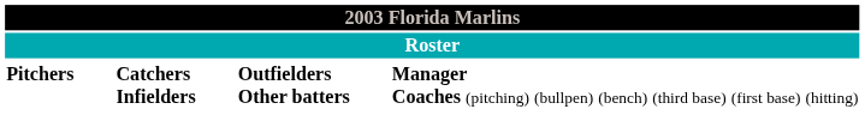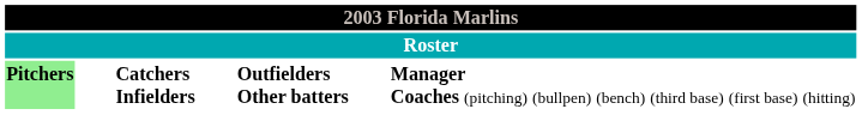 <table class="toccolours" style="font-size: 95%;">
 <tr>
 <th colspan="10" style="background:#000; color:#c9c0bb; text-align:center;">2003 Florida Marlins</th>
 </tr>
 <tr>
 <td colspan="10" style="background:#00a8b0; color:white; text-align:center;"><strong>Roster</strong></td>
 </tr>
 <tr>
-<td valign="top"><strong>Pitchers</strong><br>                     </td>
+<td valign="top" style="background: lightgreen;"><strong>Pitchers</strong><br>                     </td>
 <td style="width:25px;"></td>
 <td valign="top"><strong>Catchers</strong><br>   <strong>Infielders</strong>    </td>
 <td style="width:25px;"></td>
 <td valign="top"><strong>Outfielders</strong><br>       <strong>Other batters</strong>    </td>
 <td style="width:25px;"></td>
 <td valign="top"><strong>Manager</strong><br>  <strong>Coaches</strong>  <small>(pitching)</small>  <small>(bullpen)</small>  <small>(bench)</small>  <small>(third base)</small>  <small>(first base)</small>  <small>(hitting)</small></td>
 </tr>
 </table>
